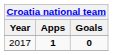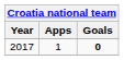 <table class="wikitable" style="text-align:center">
 <tr>
 <th colspan=3><a href='#'>Croatia national team</a></th>
 </tr>
 <tr>
 <th>Year</th>
 <th>Apps</th>
 <th>Goals</th>
 </tr>
 <tr>
 </tr>
 <tr>
 <td>2017</td>
-<td><strong>1</strong></td>
+<td>1</td>
 <td><strong>0</strong></td>
 </tr>
 <tr>
 </tr>
 </table>
